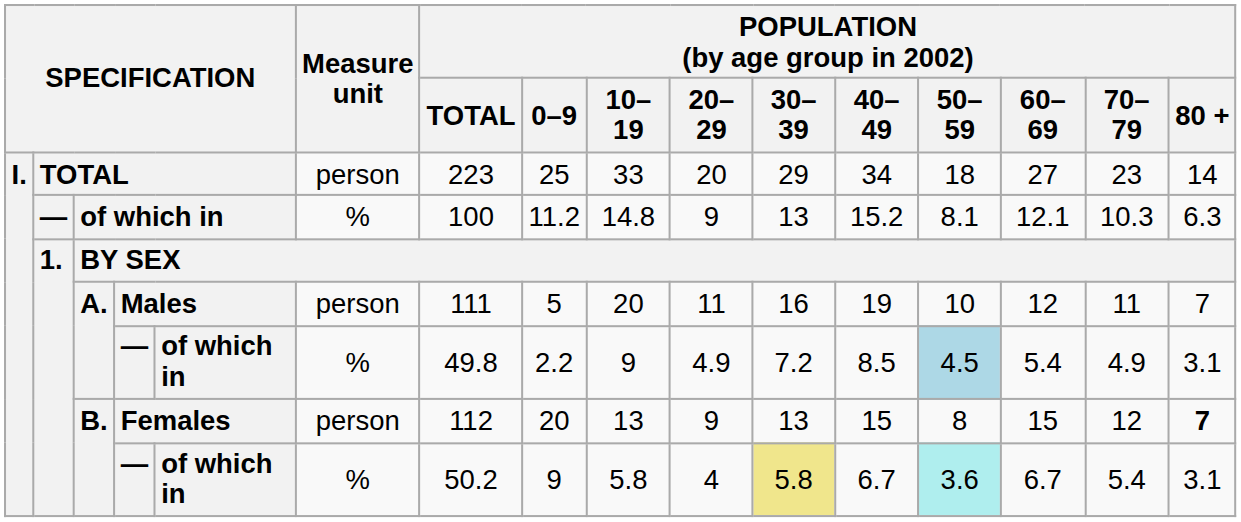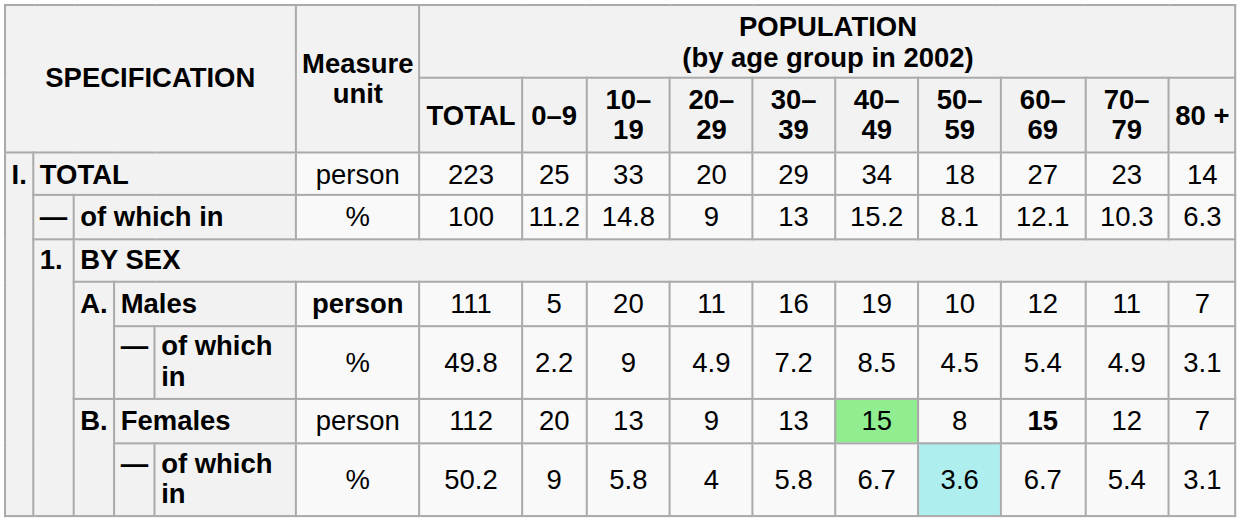 <table class="wikitable" style="font-size:85%; text-align:center">
 <tr>
 <th rowspan="2" colspan="5">SPECIFICATION</th>
 <th rowspan="2">Measure<br> unit</th>
 <th colspan="10" rowspan="1">POPULATION<br> (by age group in 2002)</th>
 </tr>
 <tr>
 <th>TOTAL</th>
 <th>0–9</th>
 <th>10–19</th>
 <th>20–29</th>
 <th>30–39</th>
 <th>40–49</th>
 <th>50–59</th>
 <th>60–69</th>
 <th>70–79</th>
 <th>80 +</th>
 </tr>
 <tr>
 <th style="text-align:left" valign="top" rowspan="7">I.</th>
 <th style="text-align:left" colspan="4">TOTAL</th>
 <td>person</td>
 <td>223</td>
 <td>25</td>
 <td>33</td>
 <td>20</td>
 <td>29</td>
 <td>34</td>
 <td>18</td>
 <td>27</td>
 <td>23</td>
 <td>14</td>
 </tr>
 <tr>
 <th style="text-align:left" valign="top">—</th>
 <th style="text-align:left" colspan="3">of which in</th>
 <td>%</td>
 <td>100</td>
 <td>11.2</td>
 <td>14.8</td>
 <td>9</td>
 <td>13</td>
 <td>15.2</td>
 <td>8.1</td>
 <td>12.1</td>
 <td>10.3</td>
 <td>6.3</td>
 </tr>
 <tr>
 <th style="text-align:left" valign="top" rowspan="5">1.</th>
 <th style="text-align:left" colspan="14">BY SEX</th>
 </tr>
 <tr>
 <th style="text-align:left" valign="top" rowspan="2">A.</th>
 <th style="text-align:left" colspan="2">Males</th>
-<td>person</td>
+<td><strong>person</strong></td>
 <td>111</td>
 <td>5</td>
 <td>20</td>
 <td>11</td>
 <td>16</td>
 <td>19</td>
 <td>10</td>
 <td>12</td>
 <td>11</td>
 <td>7</td>
 </tr>
 <tr>
 <th style="text-align:left" valign="top">—</th>
 <th style="text-align:left" colspan="1">of which in</th>
 <td>%</td>
 <td>49.8</td>
 <td>2.2</td>
 <td>9</td>
 <td>4.9</td>
 <td>7.2</td>
 <td>8.5</td>
-<td style="background: lightblue;">4.5</td>
+<td>4.5</td>
 <td>5.4</td>
 <td>4.9</td>
 <td>3.1</td>
 </tr>
 <tr>
 <th style="text-align:left" valign="top" rowspan="2">B.</th>
 <th style="text-align:left" colspan="2">Females</th>
 <td>person</td>
 <td>112</td>
 <td>20</td>
 <td>13</td>
 <td>9</td>
 <td>13</td>
-<td>15</td>
+<td style="background: lightgreen;">15</td>
 <td>8</td>
-<td>15</td>
+<td><strong>15</strong></td>
 <td>12</td>
-<td><strong>7</strong></td>
+<td>7</td>
 </tr>
 <tr>
 <th style="text-align:left" valign="top">—</th>
 <th style="text-align:left" colspan="1">of which in</th>
 <td>%</td>
 <td>50.2</td>
 <td>9</td>
 <td>5.8</td>
 <td>4</td>
-<td style="background: khaki;">5.8</td>
+<td>5.8</td>
 <td>6.7</td>
 <td style="background: paleturquoise;">3.6</td>
 <td>6.7</td>
 <td>5.4</td>
 <td>3.1</td>
 </tr>
 </table>
